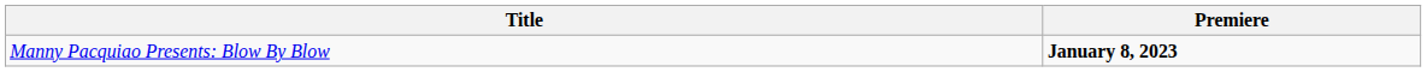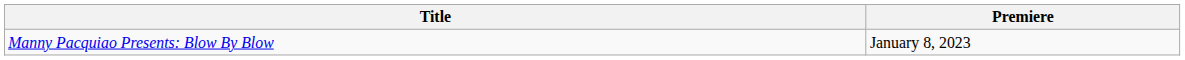 <table class="wikitable sortable" width="75%">
 <tr>
 <th style="width:55%;">Title</th>
 <th style="width:20%;">Premiere</th>
 </tr>
 <tr>
 <td><em><a href='#'>Manny Pacquiao Presents: Blow By Blow</a></em></td>
-<td><strong>January 8, 2023</strong></td>
+<td>January 8, 2023</td>
 </tr>
 </table>
